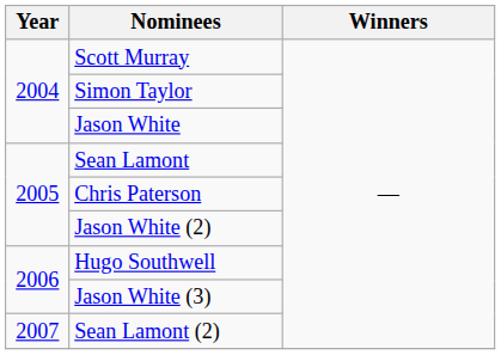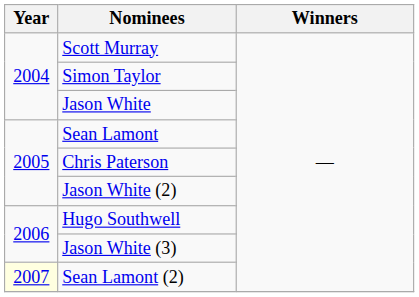 <table class="wikitable">
 <tr>
 <th width=40>Year</th>
 <th width=150>Nominees</th>
 <th width=150>Winners</th>
 </tr>
 <tr>
 <td align=center rowspan=3><a href='#'>2004</a></td>
 <td><a href='#'>Scott Murray</a></td>
 <td align=center rowspan=9>—</td>
 </tr>
 <tr>
 <td><a href='#'>Simon Taylor</a></td>
 </tr>
 <tr>
 <td><a href='#'>Jason White</a></td>
 </tr>
 <tr>
 <td align=center rowspan=3><a href='#'>2005</a></td>
 <td><a href='#'>Sean Lamont</a></td>
 </tr>
 <tr>
 <td><a href='#'>Chris Paterson</a></td>
 </tr>
 <tr>
 <td><a href='#'>Jason White</a> (2)</td>
 </tr>
 <tr>
 <td align=center rowspan=2><a href='#'>2006</a></td>
 <td><a href='#'>Hugo Southwell</a></td>
 </tr>
 <tr>
 <td><a href='#'>Jason White</a> (3)</td>
 </tr>
 <tr>
-<td align=center><a href='#'>2007</a></td>
+<td align=center style="background: lightyellow;"><a href='#'>2007</a></td>
 <td><a href='#'>Sean Lamont</a> (2)</td>
 </tr>
 <tr>
 </tr>
 </table>
